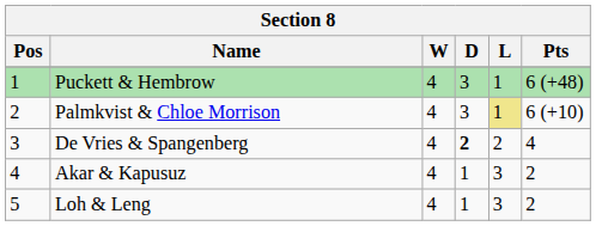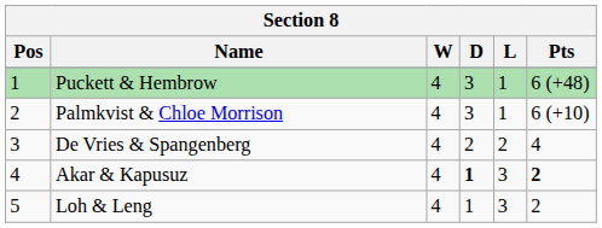 <table class="wikitable">
 <tr>
 <th colspan="6">Section 8</th>
 </tr>
 <tr>
 <th width=30>Pos</th>
 <th width=300>Name</th>
 <th width=20>W</th>
 <th width=20>D</th>
 <th width=20>L</th>
 <th width=50>Pts</th>
 </tr>
 <tr>
 </tr>
 <tr style="background:#ACE1AF;">
 <td>1</td>
 <td> Puckett & Hembrow</td>
 <td>4</td>
 <td>3</td>
 <td>1</td>
 <td>6 (+48)</td>
 </tr>
 <tr>
 <td>2</td>
 <td> Palmkvist &  <a href='#'>Chloe Morrison</a></td>
 <td>4</td>
 <td>3</td>
-<td style="background: khaki;">1</td>
+<td>1</td>
 <td>6 (+10)</td>
 </tr>
 <tr>
 <td>3</td>
 <td> De Vries & Spangenberg</td>
 <td>4</td>
-<td><strong>2</strong></td>
+<td>2</td>
 <td>2</td>
 <td>4</td>
 </tr>
 <tr>
 <td>4</td>
 <td> Akar & Kapusuz</td>
 <td>4</td>
-<td>1</td>
+<td><strong>1</strong></td>
 <td>3</td>
-<td>2</td>
+<td><strong>2</strong></td>
 </tr>
 <tr>
 <td>5</td>
 <td> Loh & Leng</td>
 <td>4</td>
 <td>1</td>
 <td>3</td>
 <td>2</td>
 </tr>
 </table>
